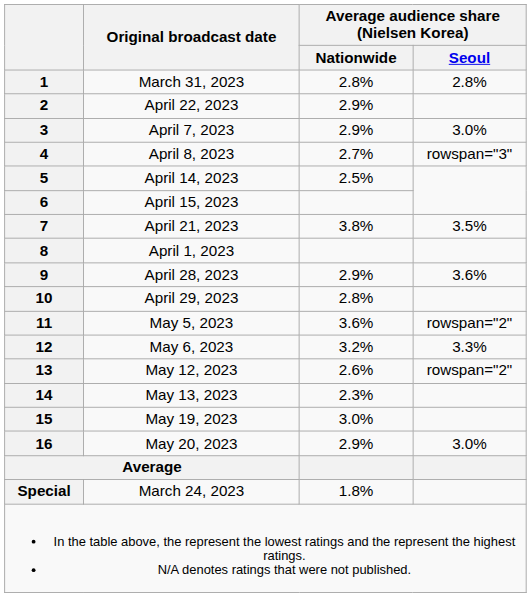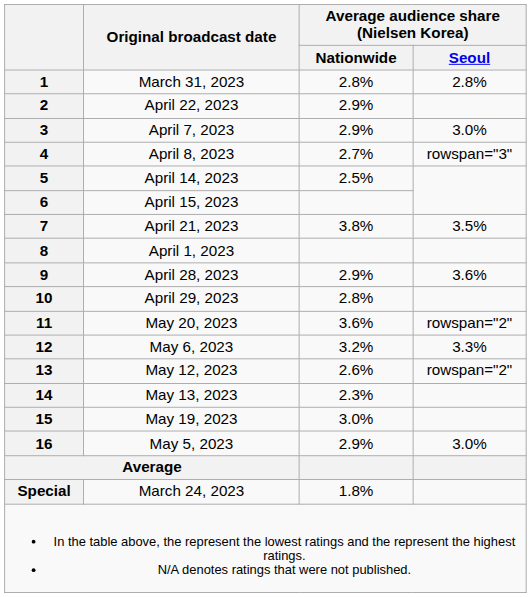 <table class="wikitable" style="margin-left:auto; margin-right:auto; width:550px; text-align:center">
 <tr>
 <th scope="col" rowspan="2"></th>
 <th scope="col" rowspan="2">Original broadcast date</th>
 <th scope="col" colspan="2">Average audience share<br>(Nielsen Korea)</th>
 </tr>
 <tr>
 <th scope="col" style="width:7em">Nationwide</th>
 <th scope="col" style="width:7em"><a href='#'>Seoul</a></th>
 </tr>
 <tr>
 <th scope="row">1</th>
 <td>March 31, 2023</td>
 <td>2.8% </td>
 <td>2.8% </td>
 </tr>
 <tr>
 <th scope="row">2</th>
 <td>April 22, 2023</td>
 <td>2.9% </td>
 <td></td>
 </tr>
 <tr>
 <th scope="row">3</th>
 <td>April 7, 2023</td>
 <td>2.9% </td>
 <td>3.0% </td>
 </tr>
 <tr>
 <th scope="row">4</th>
 <td>April 8, 2023</td>
 <td>2.7% </td>
 <td>rowspan="3" </td>
 </tr>
 <tr>
 <th scope="row">5</th>
 <td>April 14, 2023</td>
 <td>2.5% </td>
 </tr>
 <tr>
 <th scope="row">6</th>
 <td>April 15, 2023</td>
 <td><strong></strong> </td>
 </tr>
 <tr>
 <th scope="row">7</th>
 <td>April 21, 2023</td>
 <td>3.8% </td>
 <td>3.5% </td>
 </tr>
 <tr>
 <th scope="row">8</th>
 <td>April 1, 2023</td>
 <td><strong></strong> </td>
 <td><strong></strong> </td>
 </tr>
 <tr>
 <th scope="row">9</th>
 <td>April 28, 2023</td>
 <td>2.9% </td>
 <td>3.6% </td>
 </tr>
 <tr>
 <th scope="row">10</th>
 <td>April 29, 2023</td>
 <td>2.8% </td>
 </tr>
 <tr>
 <th scope="row">11</th>
-<td>May 5, 2023</td>
+<td>May 20, 2023</td>
 <td>3.6% </td>
 <td>rowspan="2" </td>
 </tr>
 <tr>
 <th scope="row">12</th>
 <td>May 6, 2023</td>
 <td>3.2% </td>
 <td>3.3% </td>
 </tr>
 <tr>
 <th scope="row">13</th>
 <td>May 12, 2023</td>
 <td>2.6% </td>
 <td>rowspan="2" </td>
 </tr>
 <tr>
 <th scope="row">14</th>
 <td>May 13, 2023</td>
 <td>2.3% </td>
 </tr>
 <tr>
 <th scope="row">15</th>
 <td>May 19, 2023</td>
 <td>3.0% </td>
 <td><strong></strong> </td>
 </tr>
 <tr>
 <th scope="row">16</th>
-<td>May 20, 2023</td>
+<td>May 5, 2023</td>
 <td>2.9% </td>
 <td>3.0% </td>
 </tr>
 <tr>
 <th colspan="2" scope="col">Average</th>
 <th></th>
 <th></th>
 </tr>
 <tr>
 <th scope="row">Special</th>
 <td>March 24, 2023</td>
 <td>1.8% </td>
 <td></td>
 </tr>
 <tr>
 <td colspan="4" style="font-size:85%"><br><ul><li>In the table above, the <strong></strong> represent the lowest ratings and the <strong></strong> represent the highest ratings.</li><li>N/A denotes ratings that were not published.</li></ul></td>
 </tr>
 </table>
